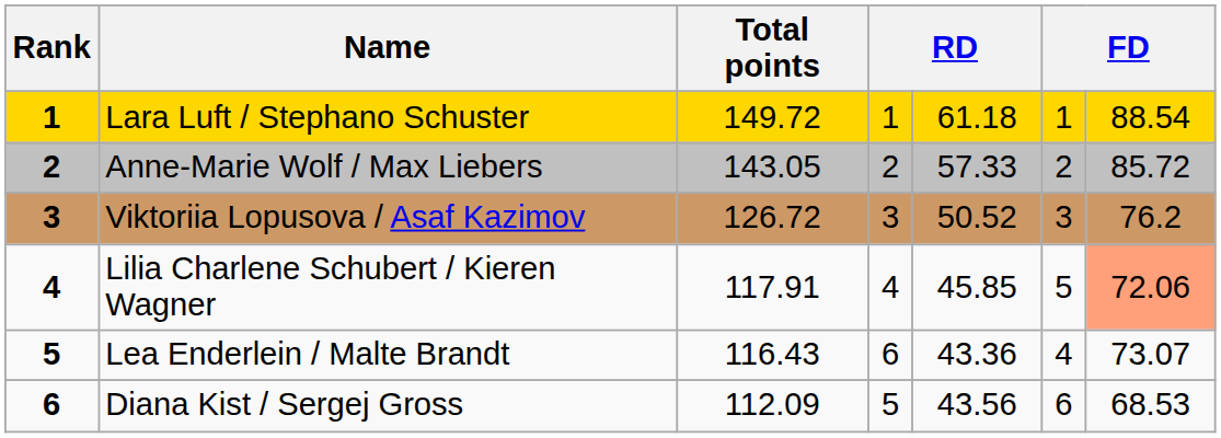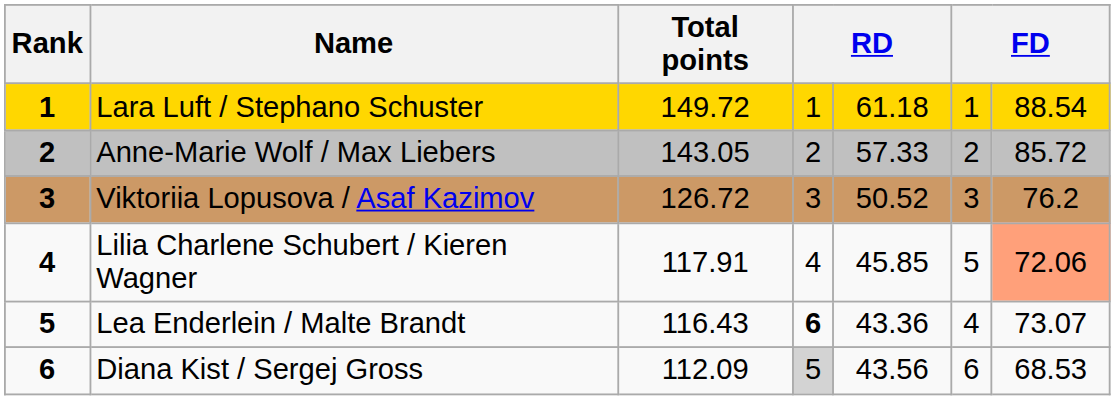 <table class="wikitable sortable">
 <tr>
 <th>Rank</th>
 <th>Name</th>
 <th>Total points</th>
 <th colspan="2" width="80px"><a href='#'>RD</a></th>
 <th colspan="2" width="80px"><a href='#'>FD</a></th>
 </tr>
 <tr bgcolor="gold">
 <td align="center"><strong>1</strong></td>
 <td>Lara Luft / Stephano Schuster</td>
 <td align="center">149.72</td>
 <td align="center">1</td>
 <td align="center">61.18</td>
 <td align="center">1</td>
 <td align="center">88.54</td>
 </tr>
 <tr bgcolor="silver">
 <td align="center"><strong>2</strong></td>
 <td>Anne-Marie Wolf / Max Liebers</td>
 <td align="center">143.05</td>
 <td align="center">2</td>
 <td align="center">57.33</td>
 <td align="center">2</td>
 <td align="center">85.72</td>
 </tr>
 <tr bgcolor="cc9966">
 <td align="center"><strong>3</strong></td>
 <td>Viktoriia Lopusova / <a href='#'>Asaf Kazimov</a></td>
 <td align="center">126.72</td>
 <td align="center">3</td>
 <td align="center">50.52</td>
 <td align="center">3</td>
 <td align="center">76.2</td>
 </tr>
 <tr>
 <td align="center"><strong>4</strong></td>
 <td>Lilia Charlene Schubert / Kieren Wagner</td>
 <td align="center">117.91</td>
 <td align="center">4</td>
 <td align="center">45.85</td>
 <td align="center">5</td>
 <td align="center" style="background: lightsalmon;">72.06</td>
 </tr>
 <tr>
 <td align="center"><strong>5</strong></td>
 <td>Lea Enderlein / Malte Brandt</td>
 <td align="center">116.43</td>
-<td align="center">6</td>
+<td align="center"><strong>6</strong></td>
 <td align="center">43.36</td>
 <td align="center">4</td>
 <td align="center">73.07</td>
 </tr>
 <tr>
 <td align="center"><strong>6</strong></td>
 <td>Diana Kist / Sergej Gross</td>
 <td align="center">112.09</td>
-<td align="center">5</td>
+<td align="center" style="background: lightgrey;">5</td>
 <td align="center">43.56</td>
 <td align="center">6</td>
 <td align="center">68.53</td>
 </tr>
 </table>
